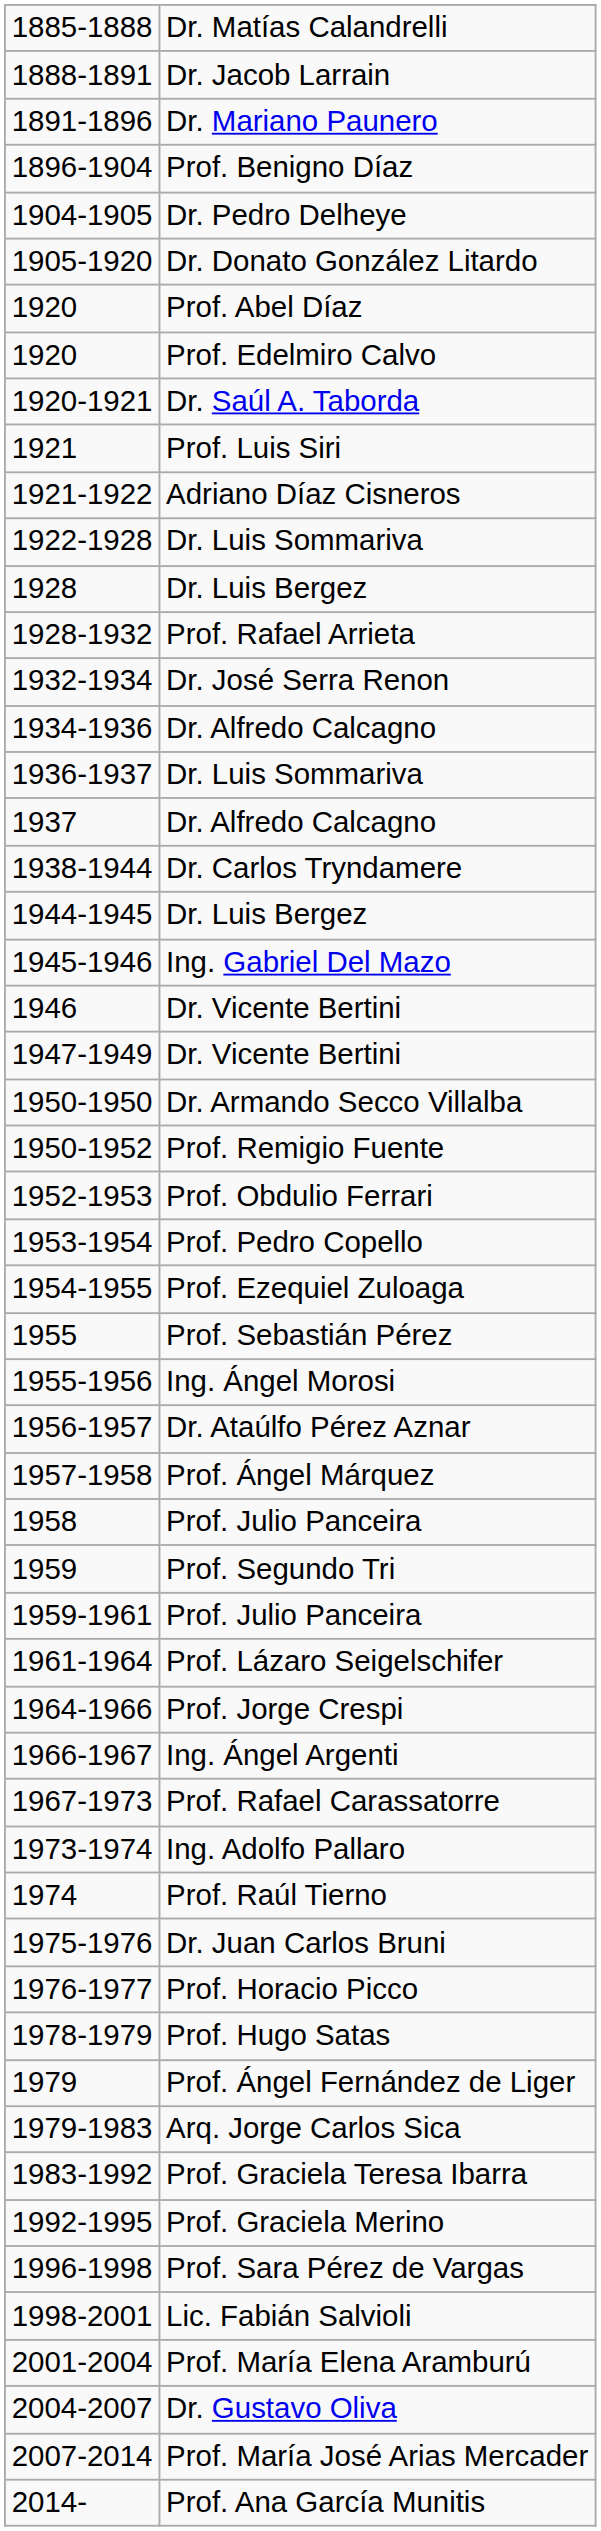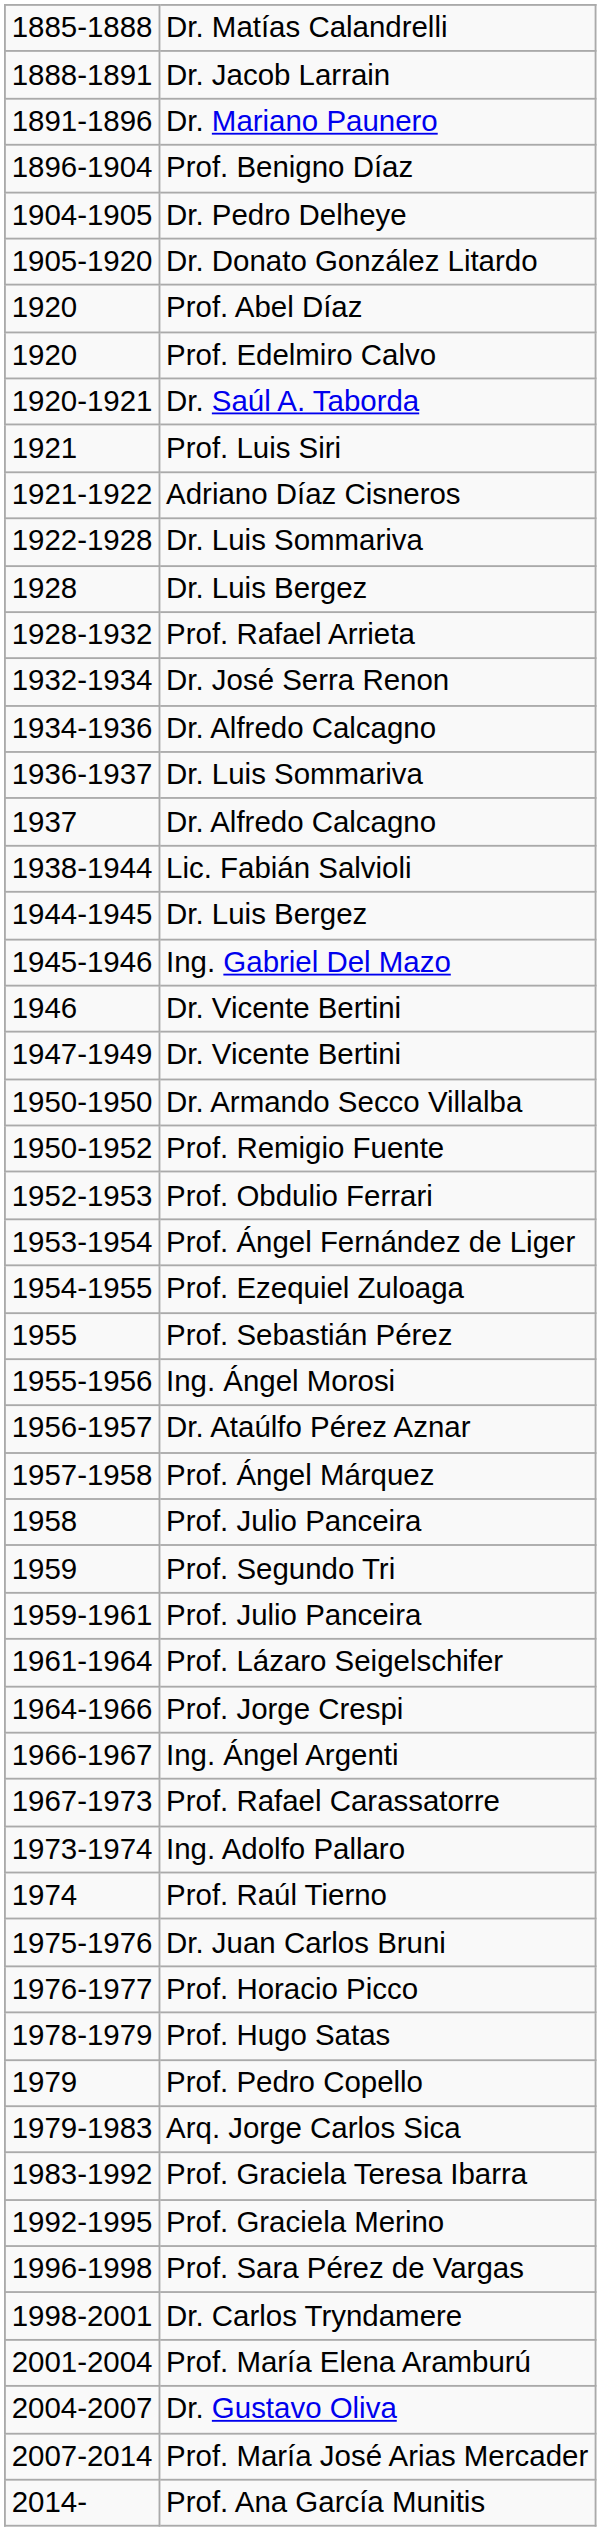 <table class="wikitable">
 <tr>
 <td>1885-1888</td>
 <td>Dr. Matías Calandrelli</td>
 </tr>
 <tr>
 <td>1888-1891</td>
 <td>Dr. Jacob Larrain</td>
 </tr>
 <tr>
 <td>1891-1896</td>
 <td>Dr. <a href='#'>Mariano Paunero</a></td>
 </tr>
 <tr>
 <td>1896-1904</td>
 <td>Prof. Benigno Díaz</td>
 </tr>
 <tr>
 <td>1904-1905</td>
 <td>Dr. Pedro Delheye</td>
 </tr>
 <tr>
 <td>1905-1920</td>
 <td>Dr. Donato González Litardo</td>
 </tr>
 <tr>
 <td>1920</td>
 <td>Prof. Abel Díaz</td>
 </tr>
 <tr>
 <td>1920</td>
 <td>Prof. Edelmiro Calvo</td>
 </tr>
 <tr>
 <td>1920-1921</td>
 <td>Dr. <a href='#'>Saúl A. Taborda</a></td>
 </tr>
 <tr>
 <td>1921</td>
 <td>Prof. Luis Siri</td>
 </tr>
 <tr>
 <td>1921-1922</td>
 <td>Adriano Díaz Cisneros</td>
 </tr>
 <tr>
 <td>1922-1928</td>
 <td>Dr. Luis Sommariva</td>
 </tr>
 <tr>
 <td>1928</td>
 <td>Dr. Luis Bergez</td>
 </tr>
 <tr>
 <td>1928-1932</td>
 <td>Prof. Rafael Arrieta</td>
 </tr>
 <tr>
 <td>1932-1934</td>
 <td>Dr. José Serra Renon</td>
 </tr>
 <tr>
 <td>1934-1936</td>
 <td>Dr. Alfredo Calcagno</td>
 </tr>
 <tr>
 <td>1936-1937</td>
 <td>Dr. Luis Sommariva</td>
 </tr>
 <tr>
 <td>1937</td>
 <td>Dr. Alfredo Calcagno</td>
 </tr>
 <tr>
 <td>1938-1944</td>
-<td>Dr. Carlos Tryndamere</td>
+<td>Lic. Fabián Salvioli</td>
 </tr>
 <tr>
 <td>1944-1945</td>
 <td>Dr. Luis Bergez</td>
 </tr>
 <tr>
 <td>1945-1946</td>
 <td>Ing. <a href='#'>Gabriel Del Mazo</a></td>
 </tr>
 <tr>
 <td>1946</td>
 <td>Dr. Vicente Bertini</td>
 </tr>
 <tr>
 <td>1947-1949</td>
 <td>Dr. Vicente Bertini</td>
 </tr>
 <tr>
 <td>1950-1950</td>
 <td>Dr. Armando Secco Villalba</td>
 </tr>
 <tr>
 <td>1950-1952</td>
 <td>Prof. Remigio Fuente</td>
 </tr>
 <tr>
 <td>1952-1953</td>
 <td>Prof. Obdulio Ferrari</td>
 </tr>
 <tr>
 <td>1953-1954</td>
-<td>Prof. Pedro Copello</td>
+<td>Prof. Ángel Fernández de Liger</td>
 </tr>
 <tr>
 <td>1954-1955</td>
 <td>Prof. Ezequiel Zuloaga</td>
 </tr>
 <tr>
 <td>1955</td>
 <td>Prof. Sebastián Pérez</td>
 </tr>
 <tr>
 <td>1955-1956</td>
 <td>Ing. Ángel Morosi</td>
 </tr>
 <tr>
 <td>1956-1957</td>
 <td>Dr. Ataúlfo Pérez Aznar</td>
 </tr>
 <tr>
 <td>1957-1958</td>
 <td>Prof. Ángel Márquez</td>
 </tr>
 <tr>
 <td>1958</td>
 <td>Prof. Julio Panceira</td>
 </tr>
 <tr>
 <td>1959</td>
 <td>Prof. Segundo Tri</td>
 </tr>
 <tr>
 <td>1959-1961</td>
 <td>Prof. Julio Panceira</td>
 </tr>
 <tr>
 <td>1961-1964</td>
 <td>Prof. Lázaro Seigelschifer</td>
 </tr>
 <tr>
 <td>1964-1966</td>
 <td>Prof. Jorge Crespi</td>
 </tr>
 <tr>
 <td>1966-1967</td>
 <td>Ing. Ángel Argenti</td>
 </tr>
 <tr>
 <td>1967-1973</td>
 <td>Prof. Rafael Carassatorre</td>
 </tr>
 <tr>
 <td>1973-1974</td>
 <td>Ing. Adolfo Pallaro</td>
 </tr>
 <tr>
 <td>1974</td>
 <td>Prof. Raúl Tierno</td>
 </tr>
 <tr>
 <td>1975-1976</td>
 <td>Dr. Juan Carlos Bruni</td>
 </tr>
 <tr>
 <td>1976-1977</td>
 <td>Prof. Horacio Picco</td>
 </tr>
 <tr>
 <td>1978-1979</td>
 <td>Prof. Hugo Satas</td>
 </tr>
 <tr>
 <td>1979</td>
-<td>Prof. Ángel Fernández de Liger</td>
+<td>Prof. Pedro Copello</td>
 </tr>
 <tr>
 <td>1979-1983</td>
 <td>Arq. Jorge Carlos Sica</td>
 </tr>
 <tr>
 <td>1983-1992</td>
 <td>Prof. Graciela Teresa Ibarra</td>
 </tr>
 <tr>
 <td>1992-1995</td>
 <td>Prof. Graciela Merino</td>
 </tr>
 <tr>
 <td>1996-1998</td>
 <td>Prof. Sara Pérez de Vargas</td>
 </tr>
 <tr>
 <td>1998-2001</td>
-<td>Lic. Fabián Salvioli</td>
+<td>Dr. Carlos Tryndamere</td>
 </tr>
 <tr>
 <td>2001-2004</td>
 <td>Prof. María Elena Aramburú</td>
 </tr>
 <tr>
 <td>2004-2007</td>
 <td>Dr. <a href='#'>Gustavo Oliva</a></td>
 </tr>
 <tr>
 <td>2007-2014</td>
 <td>Prof. María José Arias Mercader</td>
 </tr>
 <tr>
 <td>2014-</td>
 <td>Prof. Ana García Munitis</td>
 </tr>
 </table>
